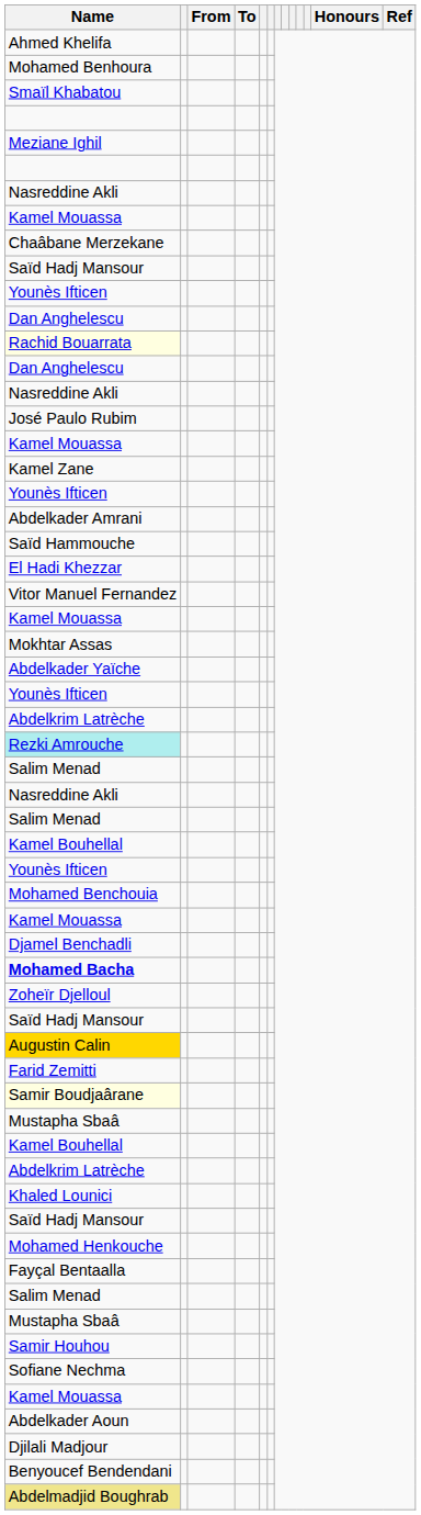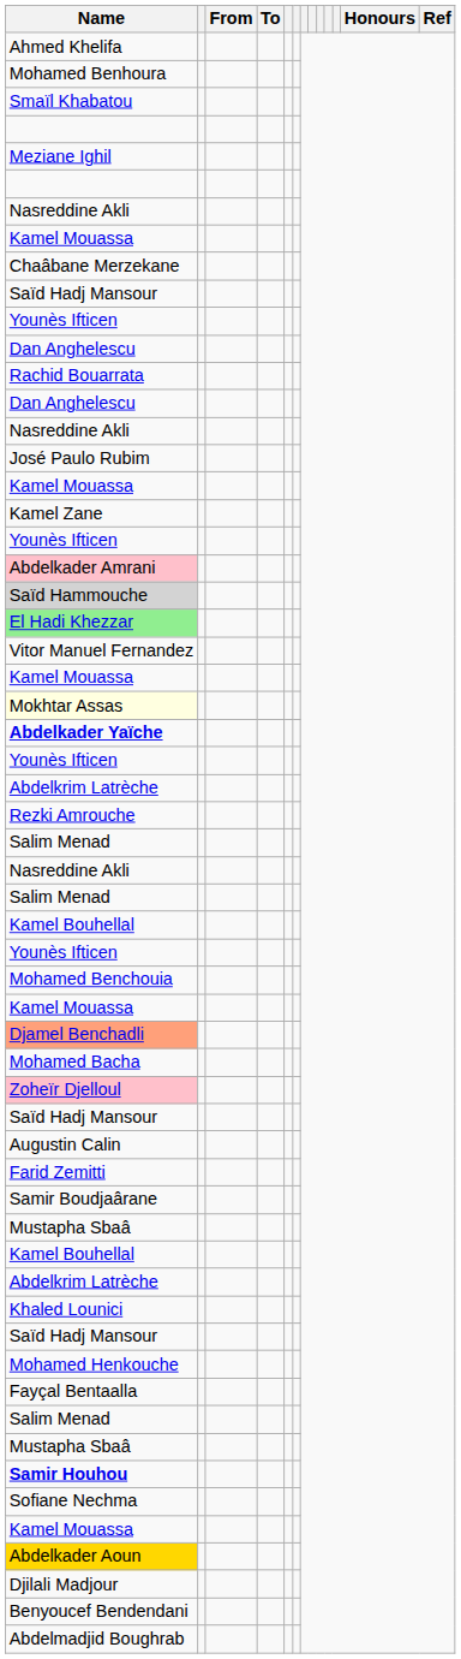 <table class="sortable wikitable" style="text-align: center;">
 <tr>
 <th>Name</th>
 <th></th>
 <th>From</th>
 <th class="unsortable">To</th>
 <th></th>
 <th></th>
 <th></th>
 <th></th>
 <th></th>
 <th></th>
 <th></th>
 <th class="unsortable">Honours</th>
 <th class="unsortable">Ref</th>
 </tr>
 <tr>
 <td align=left>Ahmed Khelifa</td>
 <td align=center></td>
 <td align=left></td>
 <td align=left><br></td>
 <td align=left></td>
 <td></td>
 </tr>
 <tr>
 <td align=left>Mohamed Benhoura</td>
 <td align=center></td>
 <td align=left></td>
 <td align=left><br></td>
 <td align=left></td>
 <td></td>
 </tr>
 <tr>
 <td align=left><a href='#'>Smaïl Khabatou</a></td>
 <td align=center></td>
 <td align=left></td>
 <td align=left><br></td>
 <td align=left></td>
 <td></td>
 </tr>
 <tr>
 <td align=left></td>
 <td align=center></td>
 <td align=left></td>
 <td align=left><br></td>
 <td align=left></td>
 <td></td>
 </tr>
 <tr>
 <td align=left><a href='#'>Meziane Ighil</a></td>
 <td align=center></td>
 <td align=left></td>
 <td align=left><br></td>
 <td align=left></td>
 <td></td>
 </tr>
 <tr>
 <td align=left></td>
 <td align=center></td>
 <td align=left></td>
 <td align=left><br></td>
 <td align=left></td>
 <td></td>
 </tr>
 <tr>
 <td align=left>Nasreddine Akli</td>
 <td align=center></td>
 <td align=left></td>
 <td align=left><br></td>
 <td align=left></td>
 <td></td>
 </tr>
 <tr>
 <td align=left><a href='#'>Kamel Mouassa</a></td>
 <td align=center></td>
 <td align=left></td>
 <td align=left><br></td>
 <td align=left></td>
 <td></td>
 </tr>
 <tr>
 <td align=left>Chaâbane Merzekane</td>
 <td align=center></td>
 <td align=left></td>
 <td align=left><br></td>
 <td align=left></td>
 <td></td>
 </tr>
 <tr>
 <td align=left>Saïd Hadj Mansour</td>
 <td align=center></td>
 <td align=left></td>
 <td align=left><br></td>
 <td align=left></td>
 <td></td>
 </tr>
 <tr>
 <td align=left><a href='#'>Younès Ifticen</a></td>
 <td align=center></td>
 <td align=left></td>
 <td align=left><br></td>
 <td align=left></td>
 <td></td>
 </tr>
 <tr>
 <td align=left><a href='#'>Dan Anghelescu</a></td>
 <td align=center></td>
 <td align=left></td>
 <td align=left><br></td>
 <td align=left></td>
 <td></td>
 </tr>
 <tr>
-<td align=left style="background: lightyellow;"><a href='#'>Rachid Bouarrata</a></td>
+<td align=left><a href='#'>Rachid Bouarrata</a></td>
 <td align=center></td>
 <td align=left></td>
 <td align=left><br></td>
 <td align=left></td>
 <td></td>
 </tr>
 <tr>
 <td align=left><a href='#'>Dan Anghelescu</a></td>
 <td align=center></td>
 <td align=left></td>
 <td align=left><br></td>
 <td align=left></td>
 <td></td>
 </tr>
 <tr>
 <td align=left>Nasreddine Akli</td>
 <td align=center></td>
 <td align=left></td>
 <td align=left><br></td>
 <td align=left></td>
 <td></td>
 </tr>
 <tr>
 <td align=left>José Paulo Rubim</td>
 <td align=center></td>
 <td align=left></td>
 <td align=left><br></td>
 <td align=left></td>
 <td></td>
 </tr>
 <tr>
 <td align=left><a href='#'>Kamel Mouassa</a></td>
 <td align=center></td>
 <td align=left></td>
 <td align=left><br></td>
 <td align=left></td>
 <td></td>
 </tr>
 <tr>
 <td align=left>Kamel Zane</td>
 <td align=center></td>
 <td align=left></td>
 <td align=left><br></td>
 <td align=left></td>
 <td></td>
 </tr>
 <tr>
 <td align=left><a href='#'>Younès Ifticen</a></td>
 <td align=center></td>
 <td align=left></td>
 <td align=left><br></td>
 <td align=left></td>
 <td></td>
 </tr>
 <tr>
-<td align=left>Abdelkader Amrani</td>
+<td align=left style="background: pink;">Abdelkader Amrani</td>
 <td align=center></td>
 <td align=left></td>
 <td align=left><br></td>
 <td align=left></td>
 <td></td>
 </tr>
 <tr>
-<td align=left>Saïd Hammouche</td>
+<td align=left style="background: lightgrey;">Saïd Hammouche</td>
 <td align=center></td>
 <td align=left></td>
 <td align=left><br></td>
 <td align=left></td>
 <td></td>
 </tr>
 <tr>
-<td align=left><a href='#'>El Hadi Khezzar</a></td>
+<td align=left style="background: lightgreen;"><a href='#'>El Hadi Khezzar</a></td>
 <td align=center></td>
 <td align=left></td>
 <td align=left><br></td>
 <td align=left></td>
 <td></td>
 </tr>
 <tr>
 <td align=left>Vitor Manuel Fernandez</td>
 <td align=center></td>
 <td align=left></td>
 <td align=left><br></td>
 <td align=left></td>
 <td></td>
 </tr>
 <tr>
 <td align=left><a href='#'>Kamel Mouassa</a></td>
 <td align=center></td>
 <td align=left></td>
 <td align=left><br></td>
 <td align=left></td>
 <td></td>
 </tr>
 <tr>
-<td align=left>Mokhtar Assas</td>
+<td align=left style="background: lightyellow;">Mokhtar Assas</td>
 <td align=center></td>
 <td align=left></td>
 <td align=left><br></td>
 <td align=left></td>
 <td></td>
 </tr>
 <tr>
-<td align=left><a href='#'>Abdelkader Yaïche</a></td>
+<td align=left><strong><a href='#'>Abdelkader Yaïche</a></strong></td>
 <td align=center></td>
 <td align=left></td>
 <td align=left><br></td>
 <td align=left></td>
 <td></td>
 </tr>
 <tr>
 <td align=left><a href='#'>Younès Ifticen</a></td>
 <td align=center></td>
 <td align=left></td>
 <td align=left><br></td>
 <td align=left></td>
 <td></td>
 </tr>
 <tr>
 <td align=left><a href='#'>Abdelkrim Latrèche</a></td>
 <td align=center></td>
 <td align=left></td>
 <td align=left><br></td>
 <td align=left></td>
 <td></td>
 </tr>
 <tr>
-<td align=left style="background: paleturquoise;"><a href='#'>Rezki Amrouche</a></td>
+<td align=left><a href='#'>Rezki Amrouche</a></td>
 <td align=center></td>
 <td align=left></td>
 <td align=left><br></td>
 <td align=left></td>
 <td></td>
 </tr>
 <tr>
 <td align=left>Salim Menad</td>
 <td align=center></td>
 <td align=left></td>
 <td align=left><br></td>
 <td align=left></td>
 <td></td>
 </tr>
 <tr>
 <td align=left>Nasreddine Akli</td>
 <td align=center></td>
 <td align=left></td>
 <td align=left><br></td>
 <td align=left></td>
 <td></td>
 </tr>
 <tr>
 <td align=left>Salim Menad</td>
 <td align=center></td>
 <td align=left></td>
 <td align=left><br></td>
 <td align=left></td>
 <td></td>
 </tr>
 <tr>
 <td align=left><a href='#'>Kamel Bouhellal</a></td>
 <td align=center></td>
 <td align=left></td>
 <td align=left><br></td>
 <td align=left></td>
 <td></td>
 </tr>
 <tr>
 <td align=left><a href='#'>Younès Ifticen</a></td>
 <td align=center></td>
 <td align=left></td>
 <td align=left><br></td>
 <td align=left></td>
 <td></td>
 </tr>
 <tr>
 <td align=left><a href='#'>Mohamed Benchouia</a></td>
 <td align=center></td>
 <td align=left></td>
 <td align=left><br></td>
 <td align=left></td>
 <td></td>
 </tr>
 <tr>
 <td align=left><a href='#'>Kamel Mouassa</a></td>
 <td align=center></td>
 <td align=left></td>
 <td align=left><br></td>
 <td align=left></td>
 <td></td>
 </tr>
 <tr>
-<td align=left><a href='#'>Djamel Benchadli</a></td>
+<td align=left style="background: lightsalmon;"><a href='#'>Djamel Benchadli</a></td>
 <td align=center></td>
 <td align=left></td>
 <td align=left><br></td>
 <td align=left></td>
 <td></td>
 </tr>
 <tr>
-<td align=left><strong><a href='#'>Mohamed Bacha</a></strong></td>
+<td align=left><a href='#'>Mohamed Bacha</a></td>
 <td align=center></td>
 <td align=left></td>
 <td align=left><br></td>
 <td align=left></td>
 <td></td>
 </tr>
 <tr>
-<td align=left><a href='#'>Zoheïr Djelloul</a></td>
+<td align=left style="background: pink;"><a href='#'>Zoheïr Djelloul</a></td>
 <td align=center></td>
 <td align=left></td>
 <td align=left><br></td>
 <td align=left></td>
 <td></td>
 </tr>
 <tr>
 <td align=left>Saïd Hadj Mansour</td>
 <td align=center></td>
 <td align=left></td>
 <td align=left><br></td>
 <td align=left></td>
 <td></td>
 </tr>
 <tr>
-<td align=left style="background: gold;">Augustin Calin</td>
+<td align=left>Augustin Calin</td>
 <td align=center></td>
 <td align=left></td>
 <td align=left><br></td>
 <td align=left></td>
 <td></td>
 </tr>
 <tr>
 <td align=left><a href='#'>Farid Zemitti</a></td>
 <td align=center></td>
 <td align=left></td>
 <td align=left><br></td>
 <td align=left></td>
 <td></td>
 </tr>
 <tr>
-<td align=left style="background: lightyellow;">Samir Boudjaârane</td>
+<td align=left>Samir Boudjaârane</td>
 <td align=center></td>
 <td align=left></td>
 <td align=left><br></td>
 <td align=left></td>
 <td></td>
 </tr>
 <tr>
 <td align=left>Mustapha Sbaâ</td>
 <td align=center></td>
 <td align=left></td>
 <td align=left><br></td>
 <td align=left></td>
 <td></td>
 </tr>
 <tr>
 <td align=left><a href='#'>Kamel Bouhellal</a></td>
 <td align=center></td>
 <td align=left></td>
 <td align=left><br></td>
 <td align=left></td>
 <td></td>
 </tr>
 <tr>
 <td align=left><a href='#'>Abdelkrim Latrèche</a></td>
 <td align=center></td>
 <td align=left></td>
 <td align=left><br></td>
 <td align=left></td>
 <td></td>
 </tr>
 <tr>
 <td align=left><a href='#'>Khaled Lounici</a></td>
 <td align=center></td>
 <td align=left></td>
 <td align=left><br></td>
 <td align=left></td>
 <td></td>
 </tr>
 <tr>
 <td align=left>Saïd Hadj Mansour</td>
 <td align=center></td>
 <td align=left></td>
 <td align=left><br></td>
 <td align=left></td>
 <td></td>
 </tr>
 <tr>
 <td align=left><a href='#'>Mohamed Henkouche</a></td>
 <td align=center></td>
 <td align=left></td>
 <td align=left><br></td>
 <td align=left></td>
 <td></td>
 </tr>
 <tr>
 <td align=left>Fayçal Bentaalla</td>
 <td align=center></td>
 <td align=left></td>
 <td align=left><br></td>
 <td align=left></td>
 <td></td>
 </tr>
 <tr>
 <td align=left>Salim Menad</td>
 <td align=center></td>
 <td align=left></td>
 <td align=left><br></td>
 <td align=left></td>
 <td></td>
 </tr>
 <tr>
 <td align=left>Mustapha Sbaâ</td>
 <td align=center></td>
 <td align=left></td>
 <td align=left><br></td>
 <td align=left></td>
 <td></td>
 </tr>
 <tr>
-<td align=left><a href='#'>Samir Houhou</a></td>
+<td align=left><strong><a href='#'>Samir Houhou</a></strong></td>
 <td align=center></td>
 <td align=left></td>
 <td align=left><br></td>
 <td align=left></td>
 <td></td>
 </tr>
 <tr>
 <td align=left>Sofiane Nechma</td>
 <td align=center></td>
 <td align=left></td>
 <td align=left><br></td>
 <td align=left></td>
 <td></td>
 </tr>
 <tr>
 <td align=left><a href='#'>Kamel Mouassa</a></td>
 <td align=center></td>
 <td align=left></td>
 <td align=left><br></td>
 <td align=left></td>
 <td></td>
 </tr>
 <tr>
-<td align=left>Abdelkader Aoun</td>
+<td align=left style="background: gold;">Abdelkader Aoun</td>
 <td align=center></td>
 <td align=left></td>
 <td align=left><br></td>
 <td align=left></td>
 <td></td>
 </tr>
 <tr>
 <td align=left>Djilali Madjour</td>
 <td align=center></td>
 <td align=left></td>
 <td align=left><br></td>
 <td align=left></td>
 <td></td>
 </tr>
 <tr>
 <td align=left>Benyoucef Bendendani</td>
 <td align=center></td>
 <td align=left></td>
 <td align=left><br></td>
 <td align=left></td>
 <td></td>
 </tr>
 <tr>
-<td align=left style="background: khaki;">Abdelmadjid Boughrab</td>
+<td align=left>Abdelmadjid Boughrab</td>
 <td align=center></td>
 <td align=left></td>
 <td align=left><br></td>
 <td align=left></td>
 <td></td>
 </tr>
 </table>
